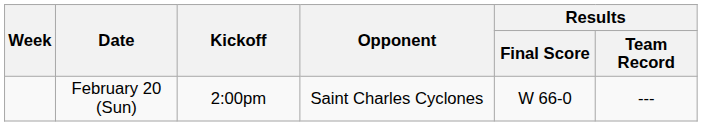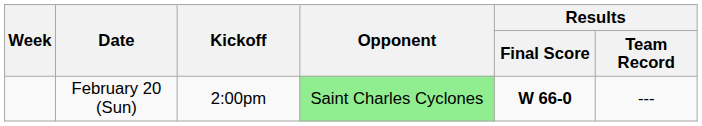 <table class="wikitable">
 <tr>
 <th rowspan="2" width="40">Week</th>
 <th rowspan="2" width="110">Date</th>
 <th rowspan="2" width="110">Kickoff</th>
 <th rowspan="2" width="180">Opponent</th>
 <th colspan="2" width="180">Results</th>
 </tr>
 <tr>
 <th width="90">Final Score</th>
 <th width="90">Team Record</th>
 </tr>
 <tr>
 <td align="center"></td>
 <td align="center">February 20 (Sun)</td>
 <td align="center">2:00pm</td>
-<td align="center">Saint Charles Cyclones</td>
-<td align="center">W 66-0</td>
+<td align="center" style="background: lightgreen;">Saint Charles Cyclones</td>
+<td align="center"><strong>W 66-0</strong></td>
 <td align="center">---</td>
 </tr>
 </table>
